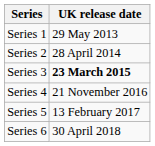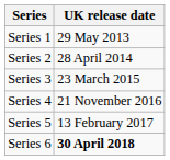 <table class="wikitable">
 <tr>
 <th>Series</th>
 <th>UK release date</th>
 </tr>
 <tr>
 <td>Series 1</td>
 <td>29 May 2013</td>
 </tr>
 <tr>
 <td>Series 2</td>
 <td>28 April 2014</td>
 </tr>
 <tr>
 <td>Series 3</td>
-<td><strong>23 March 2015</strong></td>
+<td>23 March 2015</td>
 </tr>
 <tr>
 <td>Series 4</td>
 <td>21 November 2016</td>
 </tr>
 <tr>
 <td>Series 5</td>
 <td>13 February 2017</td>
 </tr>
 <tr>
 <td>Series 6</td>
-<td>30 April 2018</td>
+<td><strong>30 April 2018</strong></td>
 </tr>
 </table>
